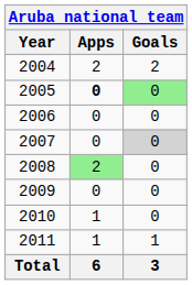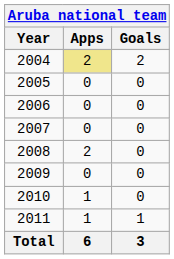 <table class="wikitable" style="text-align:center">
 <tr>
 <th colspan=3><a href='#'>Aruba national team</a></th>
 </tr>
 <tr>
 <th>Year</th>
 <th>Apps</th>
 <th>Goals</th>
 </tr>
 <tr>
 </tr>
 <tr>
 <td>2004</td>
-<td>2</td>
+<td style="background: khaki;">2</td>
 <td>2</td>
 </tr>
 <tr>
 <td>2005</td>
-<td><strong>0</strong></td>
-<td style="background: lightgreen;">0</td>
+<td>0</td>
+<td>0</td>
 </tr>
 <tr>
 <td>2006</td>
 <td>0</td>
 <td>0</td>
 </tr>
 <tr>
 <td>2007</td>
 <td>0</td>
-<td style="background: lightgrey;">0</td>
+<td>0</td>
 </tr>
 <tr>
 <td>2008</td>
-<td style="background: lightgreen;">2</td>
+<td>2</td>
 <td>0</td>
 </tr>
 <tr>
 <td>2009</td>
 <td>0</td>
 <td>0</td>
 </tr>
 <tr>
 <td>2010</td>
 <td>1</td>
 <td>0</td>
 </tr>
 <tr>
 <td>2011</td>
 <td>1</td>
 <td>1</td>
 </tr>
 <tr>
 <th>Total</th>
 <th>6</th>
 <th>3</th>
 </tr>
 </table>
